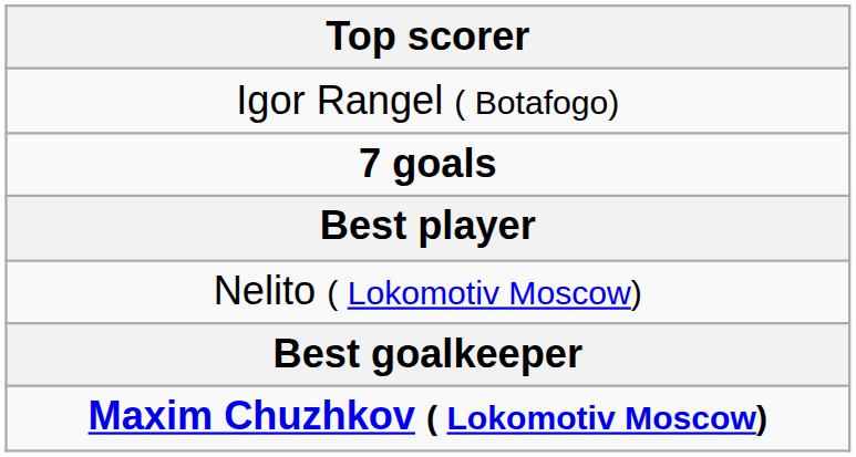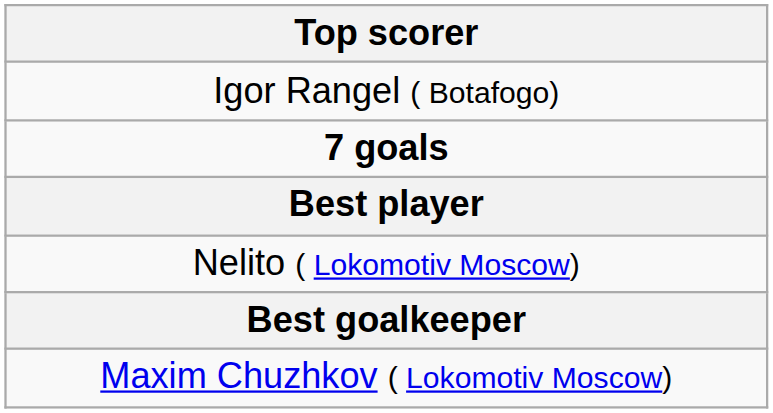 <table class="wikitable" style="margin: 1em auto 1em auto;">
 <tr>
 <th width=330>Top scorer</th>
 </tr>
 <tr align=center style="background:">
 <td style="text-align:center;"> Igor Rangel <small>( Botafogo)</small></td>
 </tr>
 <tr>
 <td style="text-align:center;"><strong>7 goals</strong></td>
 </tr>
 <tr>
 <th>Best player</th>
 </tr>
 <tr>
 <td style="text-align:center;"> Nelito <small>( <a href='#'>Lokomotiv Moscow</a>)</small></td>
 </tr>
 <tr>
 <th>Best goalkeeper</th>
 </tr>
 <tr>
-<td style="text-align:center;"><strong> <a href='#'>Maxim Chuzhkov</a> <small>( <a href='#'>Lokomotiv Moscow</a>)</small></strong></td>
+<td style="text-align:center;"> <a href='#'>Maxim Chuzhkov</a> <small>( <a href='#'>Lokomotiv Moscow</a>)</small></td>
 </tr>
 </table>
